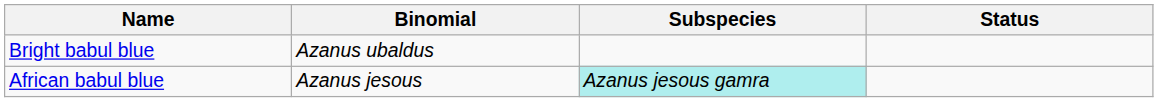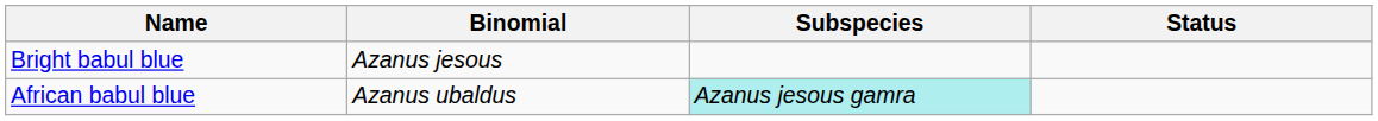 <table width=60% class="wikitable">
 <tr>
 <th width=20%>Name</th>
 <th width=20%>Binomial</th>
 <th width=20%>Subspecies</th>
 <th width=20%>Status</th>
 </tr>
 <tr>
 <td><a href='#'>Bright babul blue</a><br></td>
-<td><em>Azanus ubaldus</em></td>
+<td><em>Azanus jesous</em></td>
 <td></td>
 <td></td>
 </tr>
 <tr>
 <td><a href='#'>African babul blue</a><br> </td>
-<td><em>Azanus jesous</em></td>
+<td><em>Azanus ubaldus</em></td>
 <td style="background: paleturquoise;"><em>Azanus jesous gamra</em></td>
 <td></td>
 </tr>
 </table>
